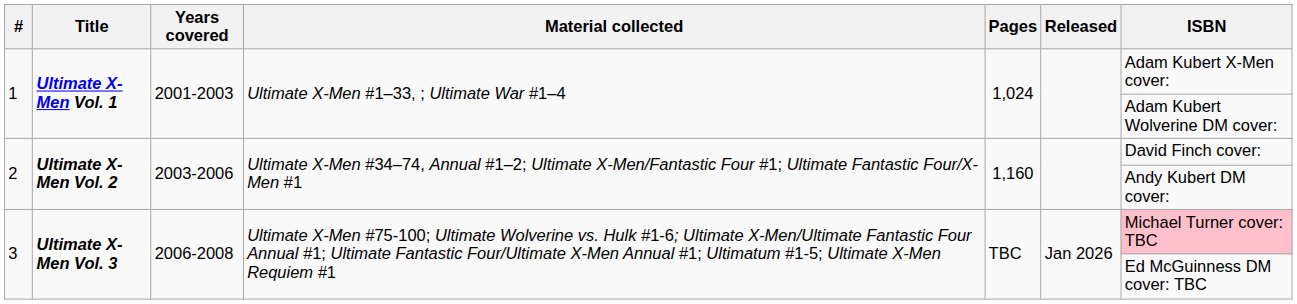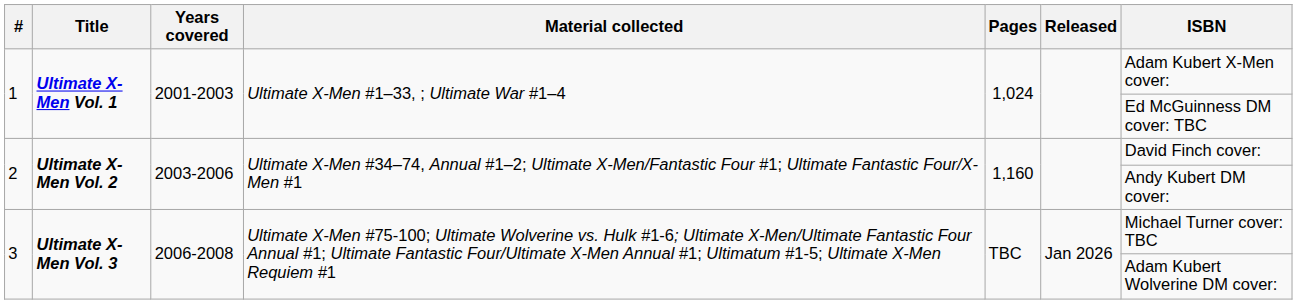 <table class="wikitable sortable" width=99%>
 <tr>
 <th class="unsortable" width=20px>#</th>
 <th>Title</th>
 <th>Years covered</th>
 <th class="unsortable">Material collected</th>
 <th>Pages</th>
 <th>Released</th>
 <th class="unsortable">ISBN</th>
 </tr>
 <tr>
 <td rowspan=2>1</td>
 <td rowspan=2><strong><em><a href='#'>Ultimate X-Men</a> Vol. 1</em></strong></td>
 <td rowspan=2>2001-2003</td>
 <td rowspan=2><em>Ultimate X-Men</em> #1–33, ; <em>Ultimate War</em> #1–4</td>
 <td style="text-align: center;" rowspan=2>1,024</td>
 <td rowspan=2></td>
 <td>Adam Kubert X-Men cover: </td>
 </tr>
 <tr>
-<td>Adam Kubert Wolverine DM cover: </td>
+<td>Ed McGuinness DM cover: TBC</td>
 </tr>
 <tr>
 <td rowspan=2>2</td>
 <td rowspan=2><strong><em>Ultimate X-Men Vol. 2</em></strong></td>
 <td rowspan=2>2003-2006</td>
 <td rowspan=2><em>Ultimate X-Men</em> #34–74, <em>Annual</em> #1–2; <em>Ultimate X-Men/Fantastic Four</em> #1; <em>Ultimate Fantastic Four/X-Men</em> #1</td>
 <td style="text-align: center;" rowspan=2>1,160</td>
 <td rowspan=2></td>
 <td>David Finch cover: </td>
 </tr>
 <tr>
 <td>Andy Kubert DM cover: </td>
 </tr>
 <tr>
 <td rowspan="2">3</td>
 <td rowspan="2"><strong><em>Ultimate X-Men Vol. 3</em></strong></td>
 <td rowspan="2">2006-2008</td>
 <td rowspan="2"><em>Ultimate X-Men #</em>75-100; <em>Ultimate Wolverine vs. Hulk #</em>1-6<em>; Ultimate X-Men/Ultimate Fantastic Four Annual #</em>1; <em>Ultimate Fantastic Four/Ultimate X-Men Annual #</em>1; <em>Ultimatum #</em>1-5; <em>Ultimate X-Men Requiem #</em>1</td>
 <td rowspan="2">TBC</td>
 <td rowspan="2">Jan 2026</td>
-<td style="background: pink;">Michael Turner cover: TBC</td>
+<td>Michael Turner cover: TBC</td>
 </tr>
 <tr>
-<td>Ed McGuinness DM cover: TBC</td>
+<td>Adam Kubert Wolverine DM cover: </td>
 </tr>
 </table>
